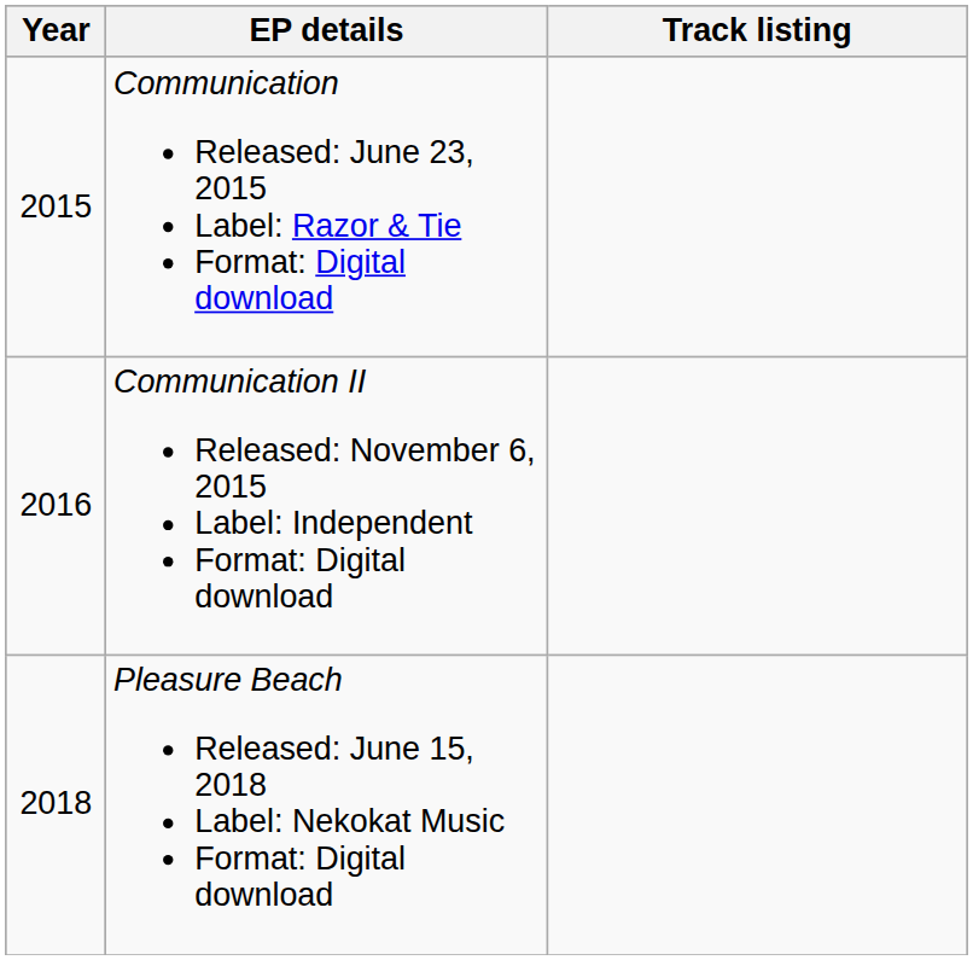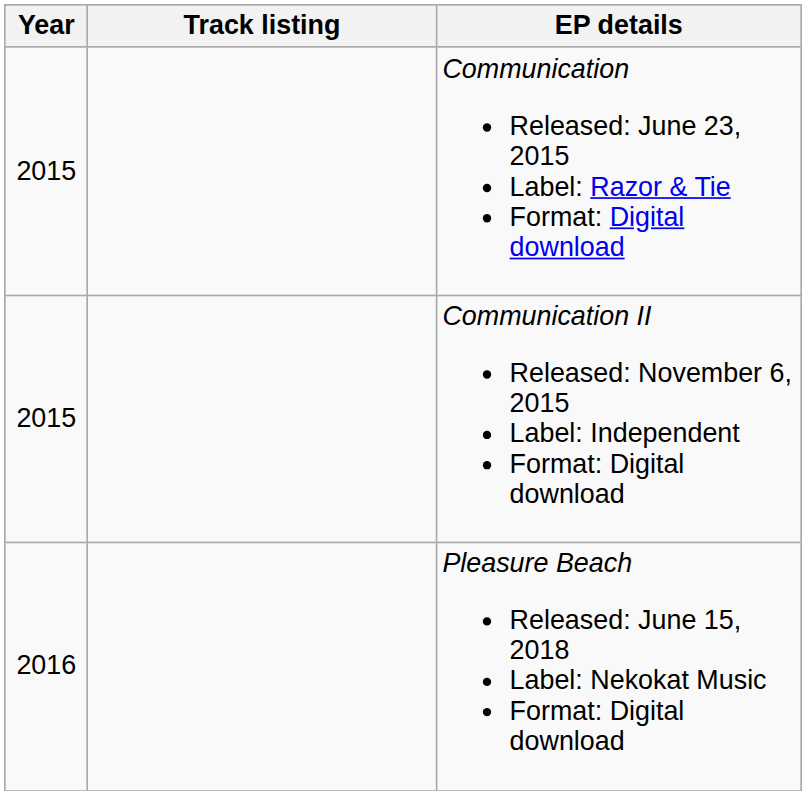 <table class="wikitable" style="text-align:center;">
 <tr>
 <th rowspan="1" width="42">Year</th>
+<th rowspan="1" width="200">Track listing</th>
 <th rowspan="1" width="210">EP details</th>
-<th rowspan="1" width="200">Track listing</th>
 </tr>
 <tr>
 <td>2015</td>
+<td><br></td>
 <td align="left"><em>Communication</em><br><ul><li>Released: June 23, 2015</li><li>Label: <a href='#'>Razor & Tie</a></li><li>Format: <a href='#'>Digital download</a></li></ul></td>
+</tr>
+<tr>
+<td>2015</td>
 <td><br></td>
+<td align="left"><em>Communication II</em><br><ul><li>Released: November 6, 2015</li><li>Label: Independent</li><li>Format: Digital download</li></ul></td>
 </tr>
 <tr>
 <td>2016</td>
-<td align="left"><em>Communication II</em><br><ul><li>Released: November 6, 2015</li><li>Label: Independent</li><li>Format: Digital download</li></ul></td>
 <td><br></td>
-</tr>
-<tr>
-<td>2018</td>
 <td align="left"><em>Pleasure Beach</em><br><ul><li>Released: June 15, 2018</li><li>Label: Nekokat Music</li><li>Format: Digital download</li></ul></td>
-<td><br></td>
 </tr>
 </table>
